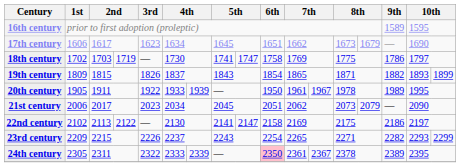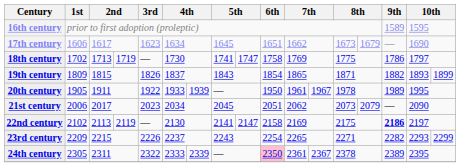 <table class="wikitable">
 <tr>
 <th scope=row>Century</th>
 <th>1st</th>
 <th colspan=2>2nd</th>
 <th>3rd</th>
 <th colspan=2>4th</th>
 <th colspan=2>5th</th>
 <th>6th</th>
 <th colspan=2>7th</th>
 <th colspan=2>8th</th>
 <th>9th</th>
 <th colspan=2>10th</th>
 </tr>
 <tr style="opacity: 0.5;">
 <th style="background-color:#efefef;"><a href='#'>16th century</a></th>
 <td colspan=13><em>prior to first adoption (proleptic)</em></td>
 <td><a href='#'>1589</a></td>
 <td colspan=2><a href='#'>1595</a></td>
 </tr>
 <tr style="opacity: 0.5;">
 <th style="background-color:#efefef;"><a href='#'>17th century</a></th>
 <td><a href='#'>1606</a></td>
 <td colspan=2><a href='#'>1617</a></td>
 <td><a href='#'>1623</a></td>
 <td colspan=2><a href='#'>1634</a></td>
 <td colspan=2><a href='#'>1645</a></td>
 <td><a href='#'>1651</a></td>
 <td colspan=2><a href='#'>1662</a></td>
 <td><a href='#'>1673</a></td>
 <td><a href='#'>1679</a></td>
 <td>—</td>
 <td colspan=2><a href='#'>1690</a></td>
 </tr>
 <tr>
 <th style="background-color:#efefef;"><a href='#'>18th century</a></th>
 <td><a href='#'>1702</a></td>
-<td><a href='#'>1703</a></td>
+<td><a href='#'>1713</a></td>
 <td><a href='#'>1719</a></td>
 <td>—</td>
 <td colspan=2><a href='#'>1730</a></td>
 <td><a href='#'>1741</a></td>
 <td><a href='#'>1747</a></td>
 <td><a href='#'>1758</a></td>
 <td colspan=2><a href='#'>1769</a></td>
 <td colspan=2><a href='#'>1775</a></td>
 <td><a href='#'>1786</a></td>
 <td colspan=2><a href='#'>1797</a></td>
 </tr>
 <tr>
 <th style="background-color:#efefef;"><a href='#'>19th century</a></th>
 <td><a href='#'>1809</a></td>
 <td colspan=2><a href='#'>1815</a></td>
 <td><a href='#'>1826</a></td>
 <td colspan=2><a href='#'>1837</a></td>
 <td colspan=2><a href='#'>1843</a></td>
 <td><a href='#'>1854</a></td>
 <td colspan=2><a href='#'>1865</a></td>
 <td colspan=2><a href='#'>1871</a></td>
 <td><a href='#'>1882</a></td>
 <td><a href='#'>1893</a></td>
 <td><a href='#'>1899</a></td>
 </tr>
 <tr>
 <th style="background-color:#efefef;"><a href='#'>20th century</a></th>
 <td><a href='#'>1905</a></td>
 <td colspan=2><a href='#'>1911</a></td>
 <td><a href='#'>1922</a></td>
 <td><a href='#'>1933</a></td>
 <td><a href='#'>1939</a></td>
 <td colspan=2>—</td>
 <td><a href='#'>1950</a></td>
 <td><a href='#'>1961</a></td>
 <td><a href='#'>1967</a></td>
 <td colspan=2><a href='#'>1978</a></td>
 <td><a href='#'>1989</a></td>
 <td colspan=2><a href='#'>1995</a></td>
 </tr>
 <tr>
 <th style="background-color:#efefef;"><a href='#'>21st century</a></th>
 <td><a href='#'>2006</a></td>
 <td colspan=2><a href='#'>2017</a></td>
 <td><a href='#'>2023</a></td>
 <td colspan=2><a href='#'>2034</a></td>
 <td colspan=2><a href='#'>2045</a></td>
 <td><a href='#'>2051</a></td>
 <td colspan=2><a href='#'>2062</a></td>
 <td><a href='#'>2073</a></td>
 <td><a href='#'>2079</a></td>
 <td>—</td>
 <td colspan=2><a href='#'>2090</a></td>
 </tr>
 <tr>
 <th style="background-color:#efefef;"><a href='#'>22nd century</a></th>
 <td><a href='#'>2102</a></td>
 <td><a href='#'>2113</a></td>
-<td><a href='#'>2122</a></td>
+<td><a href='#'>2119</a></td>
 <td>—</td>
 <td colspan=2><a href='#'>2130</a></td>
 <td><a href='#'>2141</a></td>
 <td><a href='#'>2147</a></td>
 <td><a href='#'>2158</a></td>
 <td colspan=2><a href='#'>2169</a></td>
 <td colspan=2><a href='#'>2175</a></td>
-<td><a href='#'>2186</a></td>
+<td><strong><a href='#'>2186</a></strong></td>
 <td colspan=2><a href='#'>2197</a></td>
 </tr>
 <tr>
 <th style="background-color:#efefef;"><a href='#'>23rd century</a></th>
 <td><a href='#'>2209</a></td>
 <td colspan=2><a href='#'>2215</a></td>
 <td><a href='#'>2226</a></td>
 <td colspan=2><a href='#'>2237</a></td>
 <td colspan=2><a href='#'>2243</a></td>
 <td><a href='#'>2254</a></td>
 <td colspan=2><a href='#'>2265</a></td>
 <td colspan=2><a href='#'>2271</a></td>
 <td><a href='#'>2282</a></td>
 <td><a href='#'>2293</a></td>
 <td><a href='#'>2299</a></td>
 </tr>
 <tr>
 <th style="background-color:#efefef;"><a href='#'>24th century</a></th>
 <td><a href='#'>2305</a></td>
 <td colspan=2><a href='#'>2311</a></td>
 <td><a href='#'>2322</a></td>
 <td><a href='#'>2333</a></td>
 <td><a href='#'>2339</a></td>
 <td colspan=2>—</td>
 <td style="background: pink;"><a href='#'>2350</a></td>
 <td><a href='#'>2361</a></td>
 <td><a href='#'>2367</a></td>
 <td colspan=2><a href='#'>2378</a></td>
 <td><a href='#'>2389</a></td>
 <td colspan=2><a href='#'>2395</a></td>
 </tr>
 <tr>
 </tr>
 </table>
